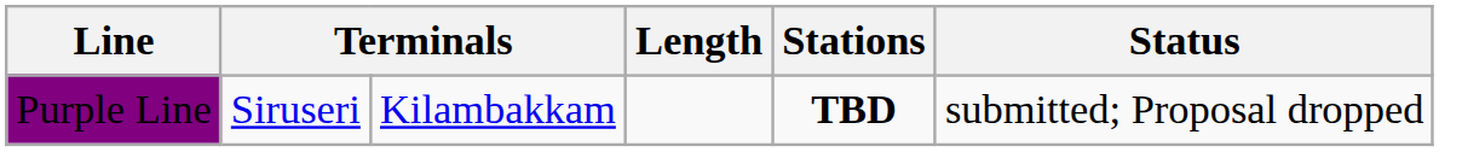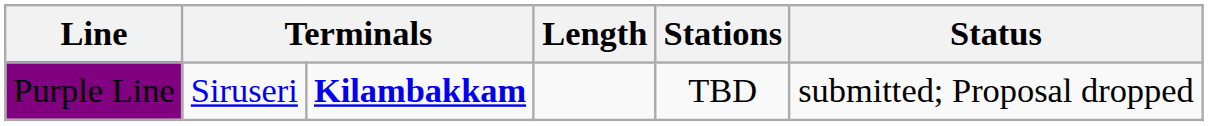 <table class="wikitable sortable" style="text-align:left; font-size:90%;">
 <tr>
 <th>Line</th>
 <th colspan="2">Terminals</th>
 <th>Length</th>
 <th>Stations</th>
 <th>Status</th>
 </tr>
 <tr>
 <td style="background:#800080;"><span>Purple Line</span></td>
 <td><a href='#'>Siruseri</a></td>
-<td><a href='#'>Kilambakkam</a></td>
+<td><strong><a href='#'>Kilambakkam</a></strong></td>
 <td style="text-align:center;"></td>
-<td style="text-align:center;"><strong>TBD</strong></td>
+<td style="text-align:center;">TBD</td>
 <td> submitted; Proposal dropped</td>
 </tr>
 </table>
